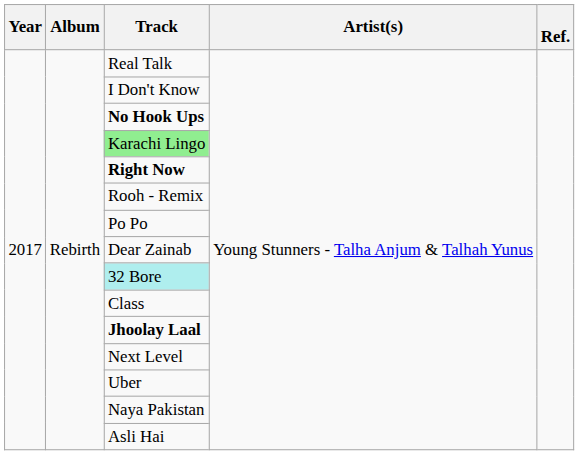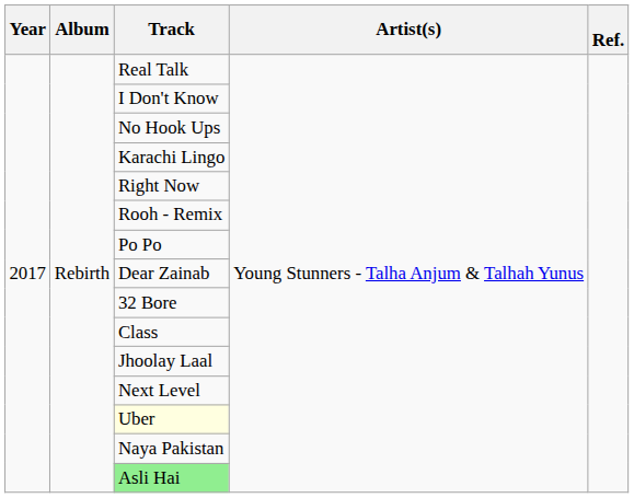 <table class="wikitable">
 <tr>
 <th>Year</th>
 <th>Album</th>
 <th>Track</th>
 <th>Artist(s)</th>
 <th><br>Ref.</th>
 </tr>
 <tr>
 <td rowspan="15">2017</td>
 <td rowspan="15">Rebirth</td>
 <td>Real Talk</td>
 <td rowspan="15">Young Stunners - <a href='#'>Talha Anjum</a> & <a href='#'>Talhah Yunus</a></td>
 <td rowspan="15"></td>
 </tr>
 <tr>
 <td>I Don't Know</td>
 </tr>
 <tr>
-<td><strong>No Hook Ups</strong></td>
+<td>No Hook Ups</td>
 </tr>
 <tr>
-<td style="background: lightgreen;">Karachi Lingo</td>
+<td>Karachi Lingo</td>
 </tr>
 <tr>
-<td><strong>Right Now</strong></td>
+<td>Right Now</td>
 </tr>
 <tr>
 <td>Rooh - Remix</td>
 </tr>
 <tr>
 <td>Po Po</td>
 </tr>
 <tr>
 <td>Dear Zainab</td>
 </tr>
 <tr>
-<td style="background: paleturquoise;">32 Bore</td>
+<td>32 Bore</td>
 </tr>
 <tr>
 <td>Class</td>
 </tr>
 <tr>
-<td><strong>Jhoolay Laal</strong></td>
+<td>Jhoolay Laal</td>
 </tr>
 <tr>
 <td>Next Level</td>
 </tr>
 <tr>
-<td>Uber</td>
+<td style="background: lightyellow;">Uber</td>
 </tr>
 <tr>
 <td>Naya Pakistan</td>
 </tr>
 <tr>
-<td>Asli Hai</td>
+<td style="background: lightgreen;">Asli Hai</td>
 </tr>
 </table>
